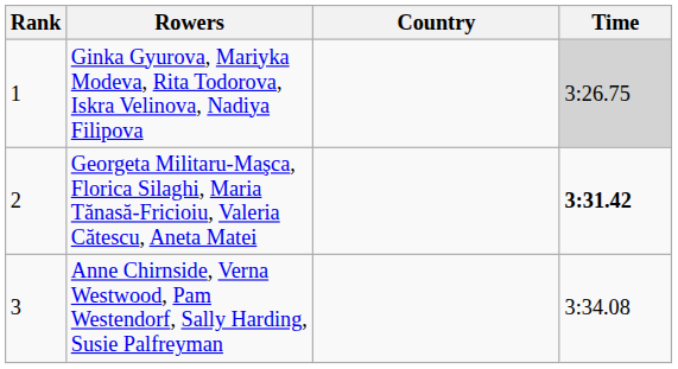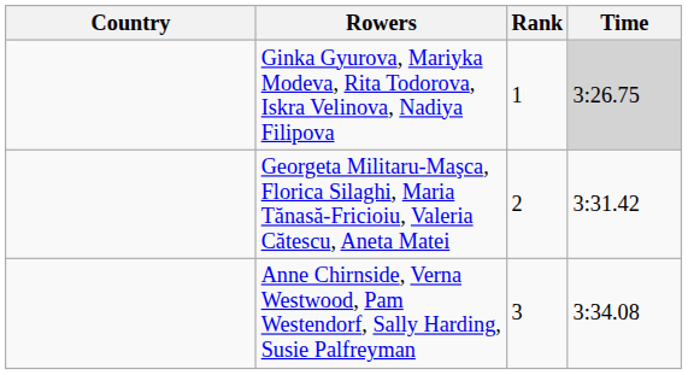 <table class="wikitable">
 <tr>
+<th width=175>Country</th>
+<th width=175>Rowers</th>
 <th width=25>Rank</th>
-<th width=175>Rowers</th>
-<th width=175>Country</th>
 <th width=75>Time</th>
 </tr>
 <tr>
+<td></td>
+<td><a href='#'>Ginka Gyurova</a>, <a href='#'>Mariyka Modeva</a>, <a href='#'>Rita Todorova</a>, <a href='#'>Iskra Velinova</a>, <a href='#'>Nadiya Filipova</a></td>
 <td>1</td>
-<td><a href='#'>Ginka Gyurova</a>, <a href='#'>Mariyka Modeva</a>, <a href='#'>Rita Todorova</a>, <a href='#'>Iskra Velinova</a>, <a href='#'>Nadiya Filipova</a></td>
-<td></td>
 <td style="background: lightgrey;">3:26.75</td>
 </tr>
 <tr>
+<td></td>
+<td><a href='#'>Georgeta Militaru-Maşca</a>, <a href='#'>Florica Silaghi</a>, <a href='#'>Maria Tănasă-Fricioiu</a>, <a href='#'>Valeria Cătescu</a>, <a href='#'>Aneta Matei</a></td>
 <td>2</td>
-<td><a href='#'>Georgeta Militaru-Maşca</a>, <a href='#'>Florica Silaghi</a>, <a href='#'>Maria Tănasă-Fricioiu</a>, <a href='#'>Valeria Cătescu</a>, <a href='#'>Aneta Matei</a></td>
-<td></td>
-<td><strong>3:31.42</strong></td>
+<td>3:31.42</td>
 </tr>
 <tr>
+<td></td>
+<td><a href='#'>Anne Chirnside</a>, <a href='#'>Verna Westwood</a>, <a href='#'>Pam Westendorf</a>, <a href='#'>Sally Harding</a>, <a href='#'>Susie Palfreyman</a></td>
 <td>3</td>
-<td><a href='#'>Anne Chirnside</a>, <a href='#'>Verna Westwood</a>, <a href='#'>Pam Westendorf</a>, <a href='#'>Sally Harding</a>, <a href='#'>Susie Palfreyman</a></td>
-<td></td>
 <td>3:34.08</td>
 </tr>
 </table>
